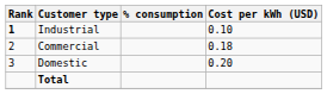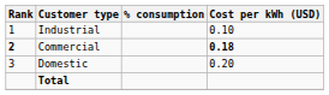 <table class="wikitable sortable" style="margin: 0.5em auto">
 <tr>
 <th>Rank</th>
 <th>Customer type</th>
 <th>% consumption</th>
 <th>Cost per kWh (USD)</th>
 </tr>
 <tr>
-<td><strong>1</strong></td>
+<td>1</td>
 <td>Industrial</td>
 <td></td>
 <td>0.10</td>
 </tr>
 <tr>
-<td>2</td>
+<td><strong>2</strong></td>
 <td>Commercial</td>
 <td></td>
-<td>0.18</td>
+<td><strong>0.18</strong></td>
 </tr>
 <tr>
 <td>3</td>
 <td>Domestic</td>
 <td></td>
 <td>0.20</td>
 </tr>
 <tr>
 <td></td>
 <td><strong>Total</strong></td>
 <td></td>
 <td></td>
 </tr>
 <tr>
 </tr>
 </table>
